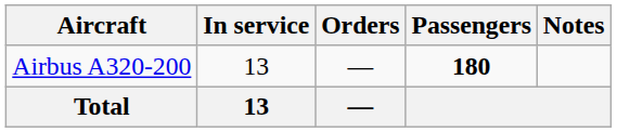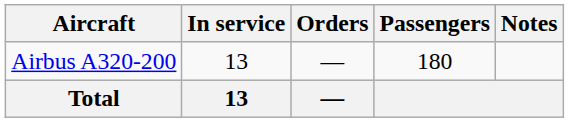 <table class="wikitable" style="border-collapse:collapse;text-align:center;margin:auto;">
 <tr>
 <th>Aircraft</th>
 <th>In service</th>
 <th>Orders</th>
 <th>Passengers</th>
 <th>Notes</th>
 </tr>
 <tr>
 <td><a href='#'>Airbus A320-200</a></td>
 <td>13</td>
 <td>—</td>
-<td><strong>180</strong></td>
+<td>180</td>
 <td></td>
 </tr>
 <tr>
 <th>Total</th>
 <th>13</th>
 <th>—</th>
 <th colspan="2"></th>
 </tr>
 </table>
